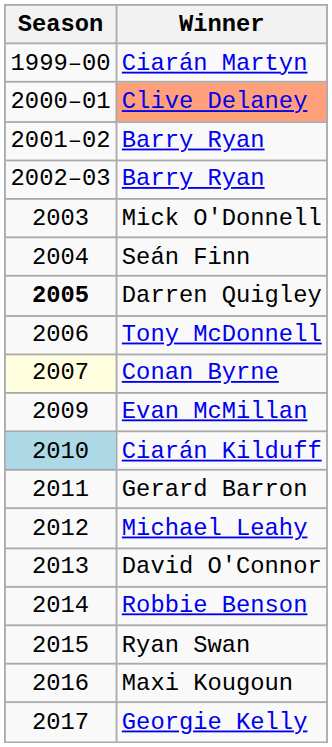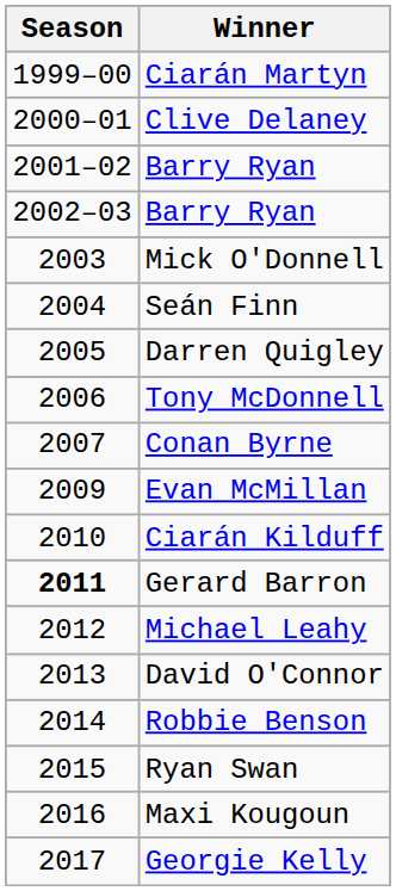 <table class="wikitable" style="text-align:center;">
 <tr>
 <th>Season</th>
 <th>Winner</th>
 </tr>
 <tr>
 <td>1999–00</td>
 <td align="left"> <a href='#'>Ciarán Martyn</a></td>
 </tr>
 <tr>
 <td>2000–01</td>
-<td align="left" style="background: lightsalmon;"> <a href='#'>Clive Delaney</a></td>
+<td align="left"> <a href='#'>Clive Delaney</a></td>
 </tr>
 <tr>
 <td>2001–02</td>
 <td align="left"> <a href='#'>Barry Ryan</a></td>
 </tr>
 <tr>
 <td>2002–03</td>
 <td align="left"> <a href='#'>Barry Ryan</a></td>
 </tr>
 <tr>
 <td>2003</td>
 <td align="left"> Mick O'Donnell</td>
 </tr>
 <tr>
 <td>2004</td>
 <td align="left"> Seán Finn</td>
 </tr>
 <tr>
-<td><strong>2005</strong></td>
+<td>2005</td>
 <td align="left"> Darren Quigley</td>
 </tr>
 <tr>
 <td>2006</td>
 <td align="left"> <a href='#'>Tony McDonnell</a></td>
 </tr>
 <tr>
-<td style="background: lightyellow;">2007</td>
+<td>2007</td>
 <td align="left"> <a href='#'>Conan Byrne</a></td>
 </tr>
 <tr>
 <td>2009</td>
 <td align="left"> <a href='#'>Evan McMillan</a></td>
 </tr>
 <tr>
-<td style="background: lightblue;">2010</td>
+<td>2010</td>
 <td align="left"> <a href='#'>Ciarán Kilduff</a></td>
 </tr>
 <tr>
-<td>2011</td>
+<td><strong>2011</strong></td>
 <td align="left"> Gerard Barron</td>
 </tr>
 <tr>
 <td>2012</td>
 <td align="left"> <a href='#'>Michael Leahy</a></td>
 </tr>
 <tr>
 <td>2013</td>
 <td align="left"> David O'Connor</td>
 </tr>
 <tr>
 <td>2014</td>
 <td align="left"> <a href='#'>Robbie Benson</a></td>
 </tr>
 <tr>
 <td>2015</td>
 <td align="left"> Ryan Swan</td>
 </tr>
 <tr>
 <td>2016</td>
 <td align="left"> Maxi Kougoun</td>
 </tr>
 <tr>
 <td>2017</td>
 <td align="left"> <a href='#'>Georgie Kelly</a></td>
 </tr>
 </table>
